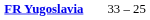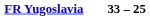 <table style="text-align:center">
 <tr>
 <th width=200></th>
 <th width=100></th>
 <th width=200></th>
 </tr>
 <tr>
 <td align=right><strong><a href='#'>FR Yugoslavia</a> </strong></td>
-<td>33 – 25</td>
+<td><strong>33 – 25</strong></td>
 <td align=left></td>
 </tr>
 </table>
